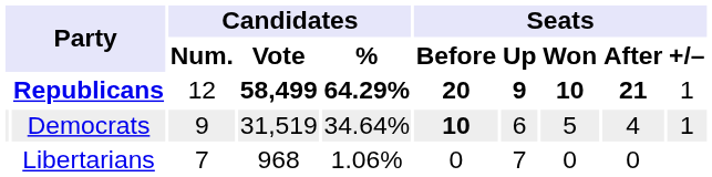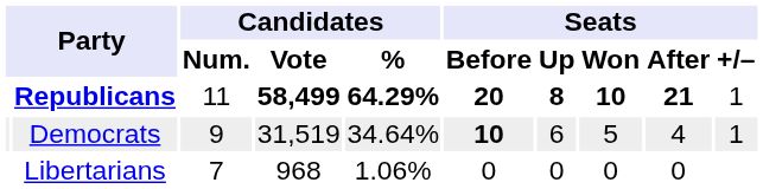 <table class="toccolours sortable" style="text-align:center;">
 <tr style="background:lavender">
 <th rowspan="2" colspan="2">Party</th>
 <th colspan=3>Candidates</th>
 <th colspan=5>Seats</th>
 </tr>
 <tr>
 <th align="center">Num.</th>
 <th align="center">Vote</th>
 <th align="center">%</th>
 <th align="center">Before</th>
 <th align="center">Up</th>
 <th align="center">Won</th>
 <th align="center">After</th>
 <th>+/–</th>
 </tr>
 <tr>
 <th style="background-color:"></th>
 <td><strong><a href='#'>Republicans</a></strong></td>
-<td>12</td>
+<td>11</td>
 <td><strong>58,499</strong></td>
 <td><strong>64.29%</strong></td>
 <td><strong>20</strong></td>
-<td><strong>9</strong></td>
+<td><strong>8</strong></td>
 <td><strong>10</strong></td>
 <td><strong>21</strong></td>
 <td> 1</td>
 </tr>
 <tr style="background:#EEEEEE;">
 <th style="background-color:"></th>
 <td><a href='#'>Democrats</a></td>
 <td>9</td>
 <td>31,519</td>
 <td>34.64%</td>
 <td><strong>10</strong></td>
 <td>6</td>
 <td>5</td>
 <td>4</td>
 <td> 1</td>
 </tr>
 <tr>
 <th style="background-color:"></th>
 <td><a href='#'>Libertarians</a></td>
 <td>7</td>
 <td>968</td>
 <td>1.06%</td>
 <td>0</td>
-<td>7</td>
+<td>0</td>
 <td>0</td>
 <td>0</td>
 <td></td>
 </tr>
 </table>
